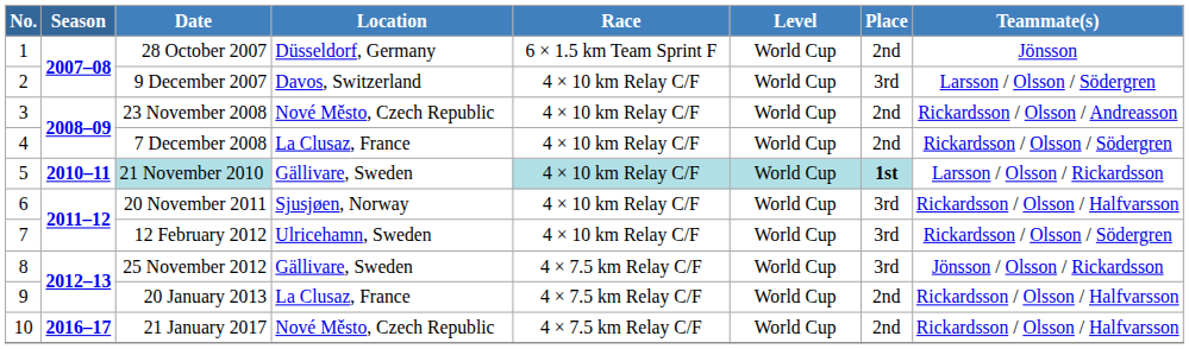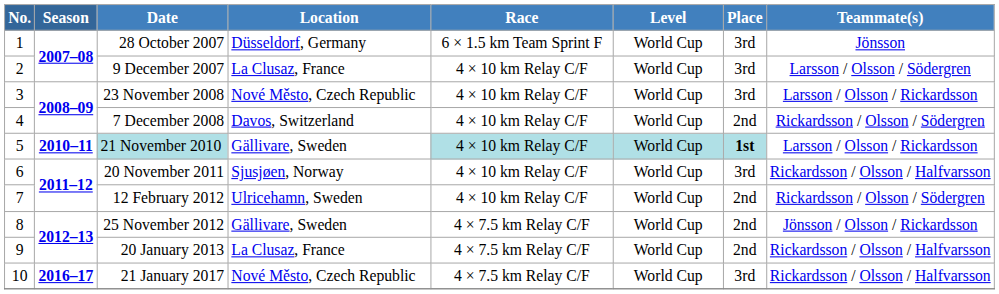 <table class="wikitable sortable" style="font-size:95%; text-align:center; border:grey solid 1px; border-collapse:collapse; background:#ffffff;">
 <tr style="background:#efefef;">
 <th style="background-color:#369; color:white;">No.</th>
 <th style="background-color:#369; color:white;">Season</th>
 <th style="background-color:#4180be; color:white; width:120px;">Date</th>
 <th style="background-color:#4180be; color:white; width:190px;">Location</th>
 <th style="background-color:#4180be; color:white; width:170px;">Race</th>
 <th style="background-color:#4180be; color:white; width:100px;">Level</th>
 <th style="background-color:#4180be; color:white;">Place</th>
 <th style="background-color:#4180be; color:white;">Teammate(s)</th>
 </tr>
 <tr>
 <td align=center>1</td>
 <td rowspan=2 align=center><strong><a href='#'>2007–08</a></strong></td>
 <td align=right>28 October 2007</td>
 <td align=left> <a href='#'>Düsseldorf</a>, Germany</td>
 <td>6 × 1.5 km Team Sprint F</td>
 <td>World Cup</td>
-<td>2nd</td>
+<td>3rd</td>
 <td><a href='#'>Jönsson</a></td>
 </tr>
 <tr>
 <td align=center>2</td>
 <td align=right>9 December 2007</td>
-<td align=left> <a href='#'>Davos</a>, Switzerland</td>
+<td align=left> <a href='#'>La Clusaz</a>, France</td>
 <td>4 × 10 km Relay C/F</td>
 <td>World Cup</td>
 <td>3rd</td>
 <td><a href='#'>Larsson</a> / <a href='#'>Olsson</a> / <a href='#'>Södergren</a></td>
 </tr>
 <tr>
 <td align=center>3</td>
 <td rowspan=2 align=center><strong><a href='#'>2008–09</a></strong></td>
 <td align=right>23 November 2008</td>
 <td align=left> <a href='#'>Nové Město</a>, Czech Republic</td>
 <td>4 × 10 km Relay C/F</td>
 <td>World Cup</td>
-<td>2nd</td>
-<td><a href='#'>Rickardsson</a> / <a href='#'>Olsson</a> / <a href='#'>Andreasson</a></td>
+<td>3rd</td>
+<td><a href='#'>Larsson</a> / <a href='#'>Olsson</a> / <a href='#'>Rickardsson</a></td>
 </tr>
 <tr>
 <td align=center>4</td>
 <td align=right>7 December 2008</td>
-<td align=left> <a href='#'>La Clusaz</a>, France</td>
+<td align=left> <a href='#'>Davos</a>, Switzerland</td>
 <td>4 × 10 km Relay C/F</td>
 <td>World Cup</td>
 <td>2nd</td>
 <td><a href='#'>Rickardsson</a> / <a href='#'>Olsson</a> / <a href='#'>Södergren</a></td>
 </tr>
 <tr>
 <td align=center>5</td>
 <td rowspan=1 align=center><strong><a href='#'>2010–11</a></strong></td>
 <td align=left bgcolor="#BOEOE6" align=right>21 November 2010</td>
 <td align=left> <a href='#'>Gällivare</a>, Sweden</td>
 <td bgcolor="#BOEOE6" align=center>4 × 10 km Relay C/F</td>
 <td bgcolor="#BOEOE6">World Cup</td>
 <td bgcolor="#BOEOE6"><strong>1st</strong></td>
 <td><a href='#'>Larsson</a> / <a href='#'>Olsson</a> / <a href='#'>Rickardsson</a></td>
 </tr>
 <tr>
 <td align=center>6</td>
 <td rowspan=2 align=center><strong><a href='#'>2011–12</a></strong></td>
 <td align=right>20 November 2011</td>
 <td align=left> <a href='#'>Sjusjøen</a>, Norway</td>
 <td>4 × 10 km Relay C/F</td>
 <td>World Cup</td>
 <td>3rd</td>
 <td><a href='#'>Rickardsson</a> / <a href='#'>Olsson</a> / <a href='#'>Halfvarsson</a></td>
 </tr>
 <tr>
 <td align=center>7</td>
 <td align=right>12 February 2012</td>
 <td align=left> <a href='#'>Ulricehamn</a>, Sweden</td>
 <td>4 × 10 km Relay C/F</td>
 <td>World Cup</td>
-<td>3rd</td>
+<td>2nd</td>
 <td><a href='#'>Rickardsson</a> / <a href='#'>Olsson</a> / <a href='#'>Södergren</a></td>
 </tr>
 <tr>
 <td align=center>8</td>
 <td rowspan=2 align=center><strong><a href='#'>2012–13</a></strong></td>
 <td align=right>25 November 2012</td>
 <td align=left> <a href='#'>Gällivare</a>, Sweden</td>
 <td>4 × 7.5 km Relay C/F</td>
 <td>World Cup</td>
-<td>3rd</td>
+<td>2nd</td>
 <td><a href='#'>Jönsson</a> / <a href='#'>Olsson</a> / <a href='#'>Rickardsson</a></td>
 </tr>
 <tr>
 <td align=center>9</td>
 <td align=right>20 January 2013</td>
 <td align=left> <a href='#'>La Clusaz</a>, France</td>
 <td>4 × 7.5 km Relay C/F</td>
 <td>World Cup</td>
 <td>2nd</td>
 <td><a href='#'>Rickardsson</a> / <a href='#'>Olsson</a> / <a href='#'>Halfvarsson</a></td>
 </tr>
 <tr>
 <td align=center>10</td>
 <td rowspan=1 align=center><strong><a href='#'>2016–17</a></strong></td>
 <td align=right>21 January 2017</td>
 <td align=left> <a href='#'>Nové Město</a>, Czech Republic</td>
 <td>4 × 7.5 km Relay C/F</td>
 <td>World Cup</td>
-<td>2nd</td>
+<td>3rd</td>
 <td><a href='#'>Rickardsson</a> / <a href='#'>Olsson</a> / <a href='#'>Halfvarsson</a></td>
 </tr>
 <tr>
 </tr>
 </table>
